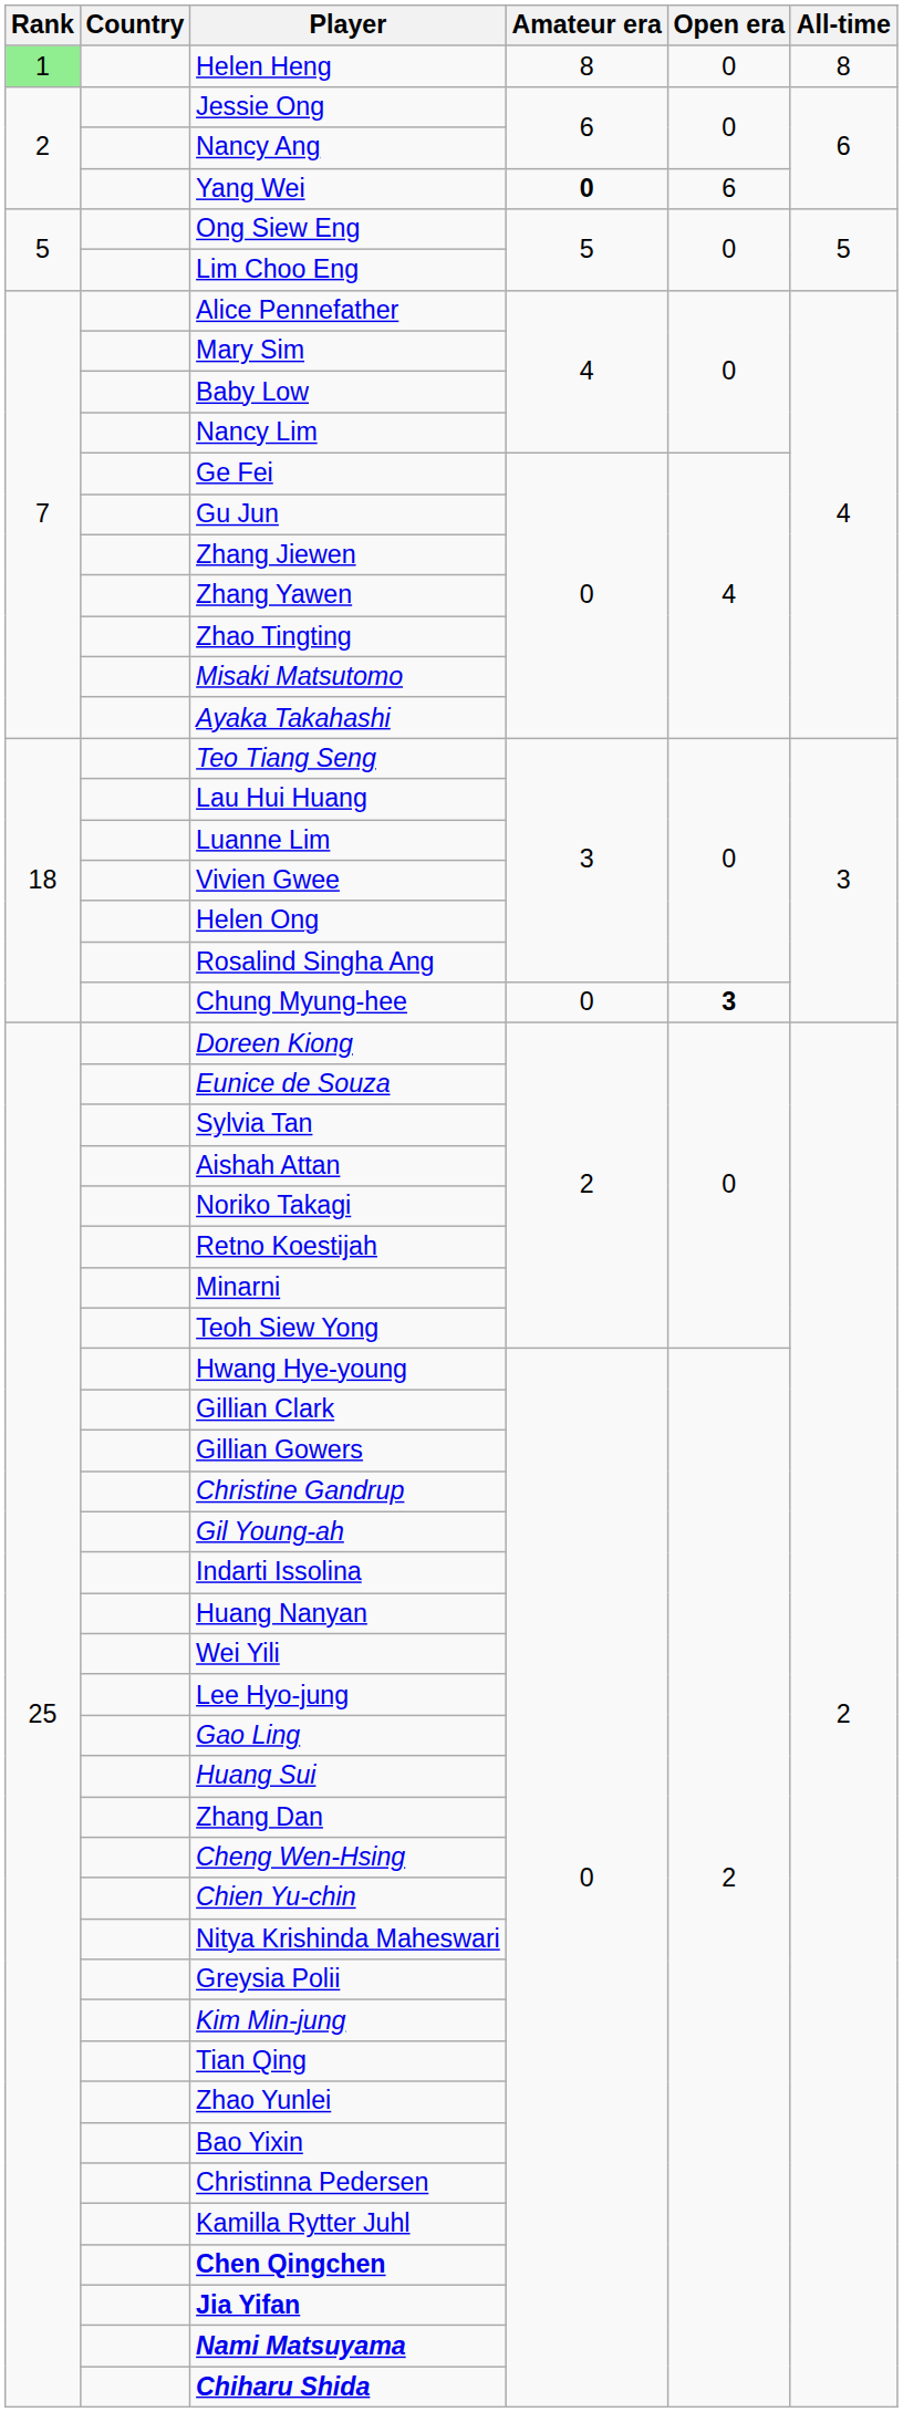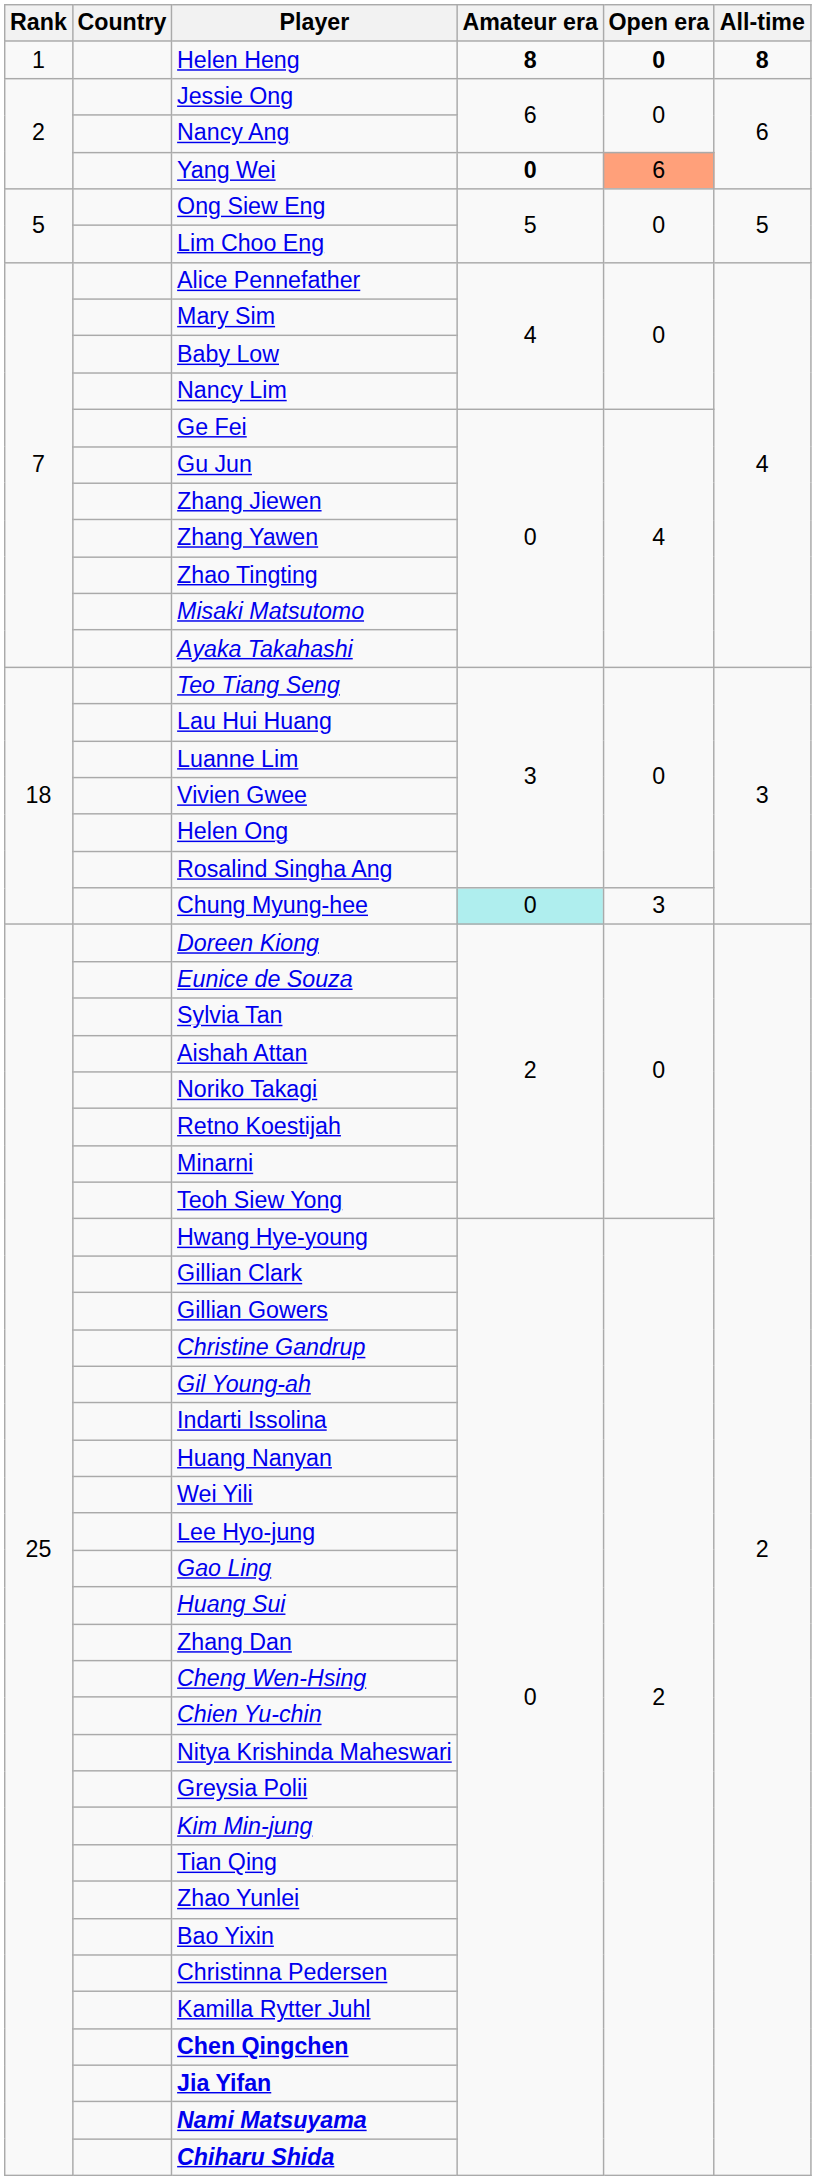 <table class="wikitable sortable">
 <tr>
 <th>Rank</th>
 <th>Country</th>
 <th>Player</th>
 <th>Amateur era</th>
 <th>Open era</th>
 <th>All-time</th>
 </tr>
 <tr>
-<td align=center style="background: lightgreen;">1</td>
+<td align=center>1</td>
 <td></td>
 <td><a href='#'>Helen Heng</a></td>
-<td align=center>8</td>
-<td align=center>0</td>
-<td align=center>8</td>
+<td align=center><strong>8</strong></td>
+<td align=center><strong>0</strong></td>
+<td align=center><strong>8</strong></td>
 </tr>
 <tr>
 <td rowspan=3 align=center>2</td>
 <td></td>
 <td><a href='#'>Jessie Ong</a></td>
 <td rowspan=2 align=center>6</td>
 <td rowspan=2 align=center>0</td>
 <td rowspan=3 align=center>6</td>
 </tr>
 <tr>
 <td></td>
 <td><a href='#'>Nancy Ang</a></td>
 </tr>
 <tr>
 <td></td>
 <td><a href='#'>Yang Wei</a></td>
 <td align=center><strong>0</strong></td>
-<td align=center>6</td>
+<td align=center style="background: lightsalmon;">6</td>
 </tr>
 <tr>
 <td rowspan=2 align=center>5</td>
 <td></td>
 <td><a href='#'>Ong Siew Eng</a></td>
 <td rowspan=2 align=center>5</td>
 <td rowspan=2 align=center>0</td>
 <td rowspan=2 align=center>5</td>
 </tr>
 <tr>
 <td></td>
 <td><a href='#'>Lim Choo Eng</a></td>
 </tr>
 <tr>
 <td rowspan=11 align=center>7</td>
 <td></td>
 <td><a href='#'>Alice Pennefather</a></td>
 <td rowspan=4 align=center>4</td>
 <td rowspan=4 align=center>0</td>
 <td rowspan=11 align=center>4</td>
 </tr>
 <tr>
 <td></td>
 <td><a href='#'>Mary Sim</a></td>
 </tr>
 <tr>
 <td></td>
 <td><a href='#'>Baby Low</a></td>
 </tr>
 <tr>
 <td></td>
 <td><a href='#'>Nancy Lim</a></td>
 </tr>
 <tr>
 <td></td>
 <td><a href='#'>Ge Fei</a></td>
 <td rowspan=7 align=center>0</td>
 <td rowspan=7 align=center>4</td>
 </tr>
 <tr>
 <td></td>
 <td><a href='#'>Gu Jun</a></td>
 </tr>
 <tr>
 <td></td>
 <td><a href='#'>Zhang Jiewen</a></td>
 </tr>
 <tr>
 <td></td>
 <td><a href='#'>Zhang Yawen</a></td>
 </tr>
 <tr>
 <td></td>
 <td><a href='#'>Zhao Tingting</a></td>
 </tr>
 <tr>
 <td></td>
 <td><em><a href='#'>Misaki Matsutomo</a></em></td>
 </tr>
 <tr>
 <td></td>
 <td><em><a href='#'>Ayaka Takahashi</a></em></td>
 </tr>
 <tr>
 <td rowspan=7 align=center>18</td>
 <td></td>
 <td><em><a href='#'>Teo Tiang Seng</a></em></td>
 <td rowspan=6 align=center>3</td>
 <td rowspan=6 align=center>0</td>
 <td rowspan=7 align=center>3</td>
 </tr>
 <tr>
 <td></td>
 <td><a href='#'>Lau Hui Huang</a></td>
 </tr>
 <tr>
 <td></td>
 <td><a href='#'>Luanne Lim</a></td>
 </tr>
 <tr>
 <td></td>
 <td><a href='#'>Vivien Gwee</a></td>
 </tr>
 <tr>
 <td></td>
 <td><a href='#'>Helen Ong</a></td>
 </tr>
 <tr>
 <td></td>
 <td><a href='#'>Rosalind Singha Ang</a></td>
 </tr>
 <tr>
 <td></td>
 <td><a href='#'>Chung Myung-hee</a></td>
-<td align=center>0</td>
-<td align=center><strong>3</strong></td>
+<td align=center style="background: paleturquoise;">0</td>
+<td align=center>3</td>
 </tr>
 <tr>
 <td rowspan=34 align=center>25</td>
 <td></td>
 <td><em><a href='#'>Doreen Kiong</a></em></td>
 <td rowspan=8 align=center>2</td>
 <td rowspan=8 align=center>0</td>
 <td rowspan=34 align=center>2</td>
 </tr>
 <tr>
 <td></td>
 <td><em><a href='#'>Eunice de Souza</a></em></td>
 </tr>
 <tr>
 <td></td>
 <td><a href='#'>Sylvia Tan</a></td>
 </tr>
 <tr>
 <td></td>
 <td><a href='#'>Aishah Attan</a></td>
 </tr>
 <tr>
 <td></td>
 <td><a href='#'>Noriko Takagi</a></td>
 </tr>
 <tr>
 <td></td>
 <td><a href='#'>Retno Koestijah</a></td>
 </tr>
 <tr>
 <td></td>
 <td><a href='#'>Minarni</a></td>
 </tr>
 <tr>
 <td></td>
 <td><a href='#'>Teoh Siew Yong</a></td>
 </tr>
 <tr>
 <td></td>
 <td><a href='#'>Hwang Hye-young</a></td>
 <td rowspan=26 align=center>0</td>
 <td rowspan=26 align=center>2</td>
 </tr>
 <tr>
 <td></td>
 <td><a href='#'>Gillian Clark</a></td>
 </tr>
 <tr>
 <td></td>
 <td><a href='#'>Gillian Gowers</a></td>
 </tr>
 <tr>
 <td></td>
 <td><em><a href='#'>Christine Gandrup</a></em></td>
 </tr>
 <tr>
 <td></td>
 <td><em><a href='#'>Gil Young-ah</a></em></td>
 </tr>
 <tr>
 <td></td>
 <td><a href='#'>Indarti Issolina</a></td>
 </tr>
 <tr>
 <td></td>
 <td><a href='#'>Huang Nanyan</a></td>
 </tr>
 <tr>
 <td></td>
 <td><a href='#'>Wei Yili</a></td>
 </tr>
 <tr>
 <td></td>
 <td><a href='#'>Lee Hyo-jung</a></td>
 </tr>
 <tr>
 <td></td>
 <td><em><a href='#'>Gao Ling</a></em></td>
 </tr>
 <tr>
 <td></td>
 <td><em><a href='#'>Huang Sui</a></em></td>
 </tr>
 <tr>
 <td></td>
 <td><a href='#'>Zhang Dan</a></td>
 </tr>
 <tr>
 <td></td>
 <td><em><a href='#'>Cheng Wen-Hsing</a></em></td>
 </tr>
 <tr>
 <td></td>
 <td><em><a href='#'>Chien Yu-chin</a></em></td>
 </tr>
 <tr>
 <td></td>
 <td><a href='#'>Nitya Krishinda Maheswari</a></td>
 </tr>
 <tr>
 <td></td>
 <td><a href='#'>Greysia Polii</a></td>
 </tr>
 <tr>
 <td></td>
 <td><em><a href='#'>Kim Min-jung</a></em></td>
 </tr>
 <tr>
 <td></td>
 <td><a href='#'>Tian Qing</a></td>
 </tr>
 <tr>
 <td></td>
 <td><a href='#'>Zhao Yunlei</a></td>
 </tr>
 <tr>
 <td></td>
 <td><a href='#'>Bao Yixin</a></td>
 </tr>
 <tr>
 <td></td>
 <td><a href='#'>Christinna Pedersen</a></td>
 </tr>
 <tr>
 <td></td>
 <td><a href='#'>Kamilla Rytter Juhl</a></td>
 </tr>
 <tr>
 <td></td>
 <td><strong><a href='#'>Chen Qingchen</a></strong></td>
 </tr>
 <tr>
 <td></td>
 <td><strong><a href='#'>Jia Yifan</a></strong></td>
 </tr>
 <tr>
 <td></td>
 <td><strong><em><a href='#'>Nami Matsuyama</a></em></strong></td>
 </tr>
 <tr>
 <td></td>
 <td><strong><em><a href='#'>Chiharu Shida</a></em></strong></td>
 </tr>
 </table>
